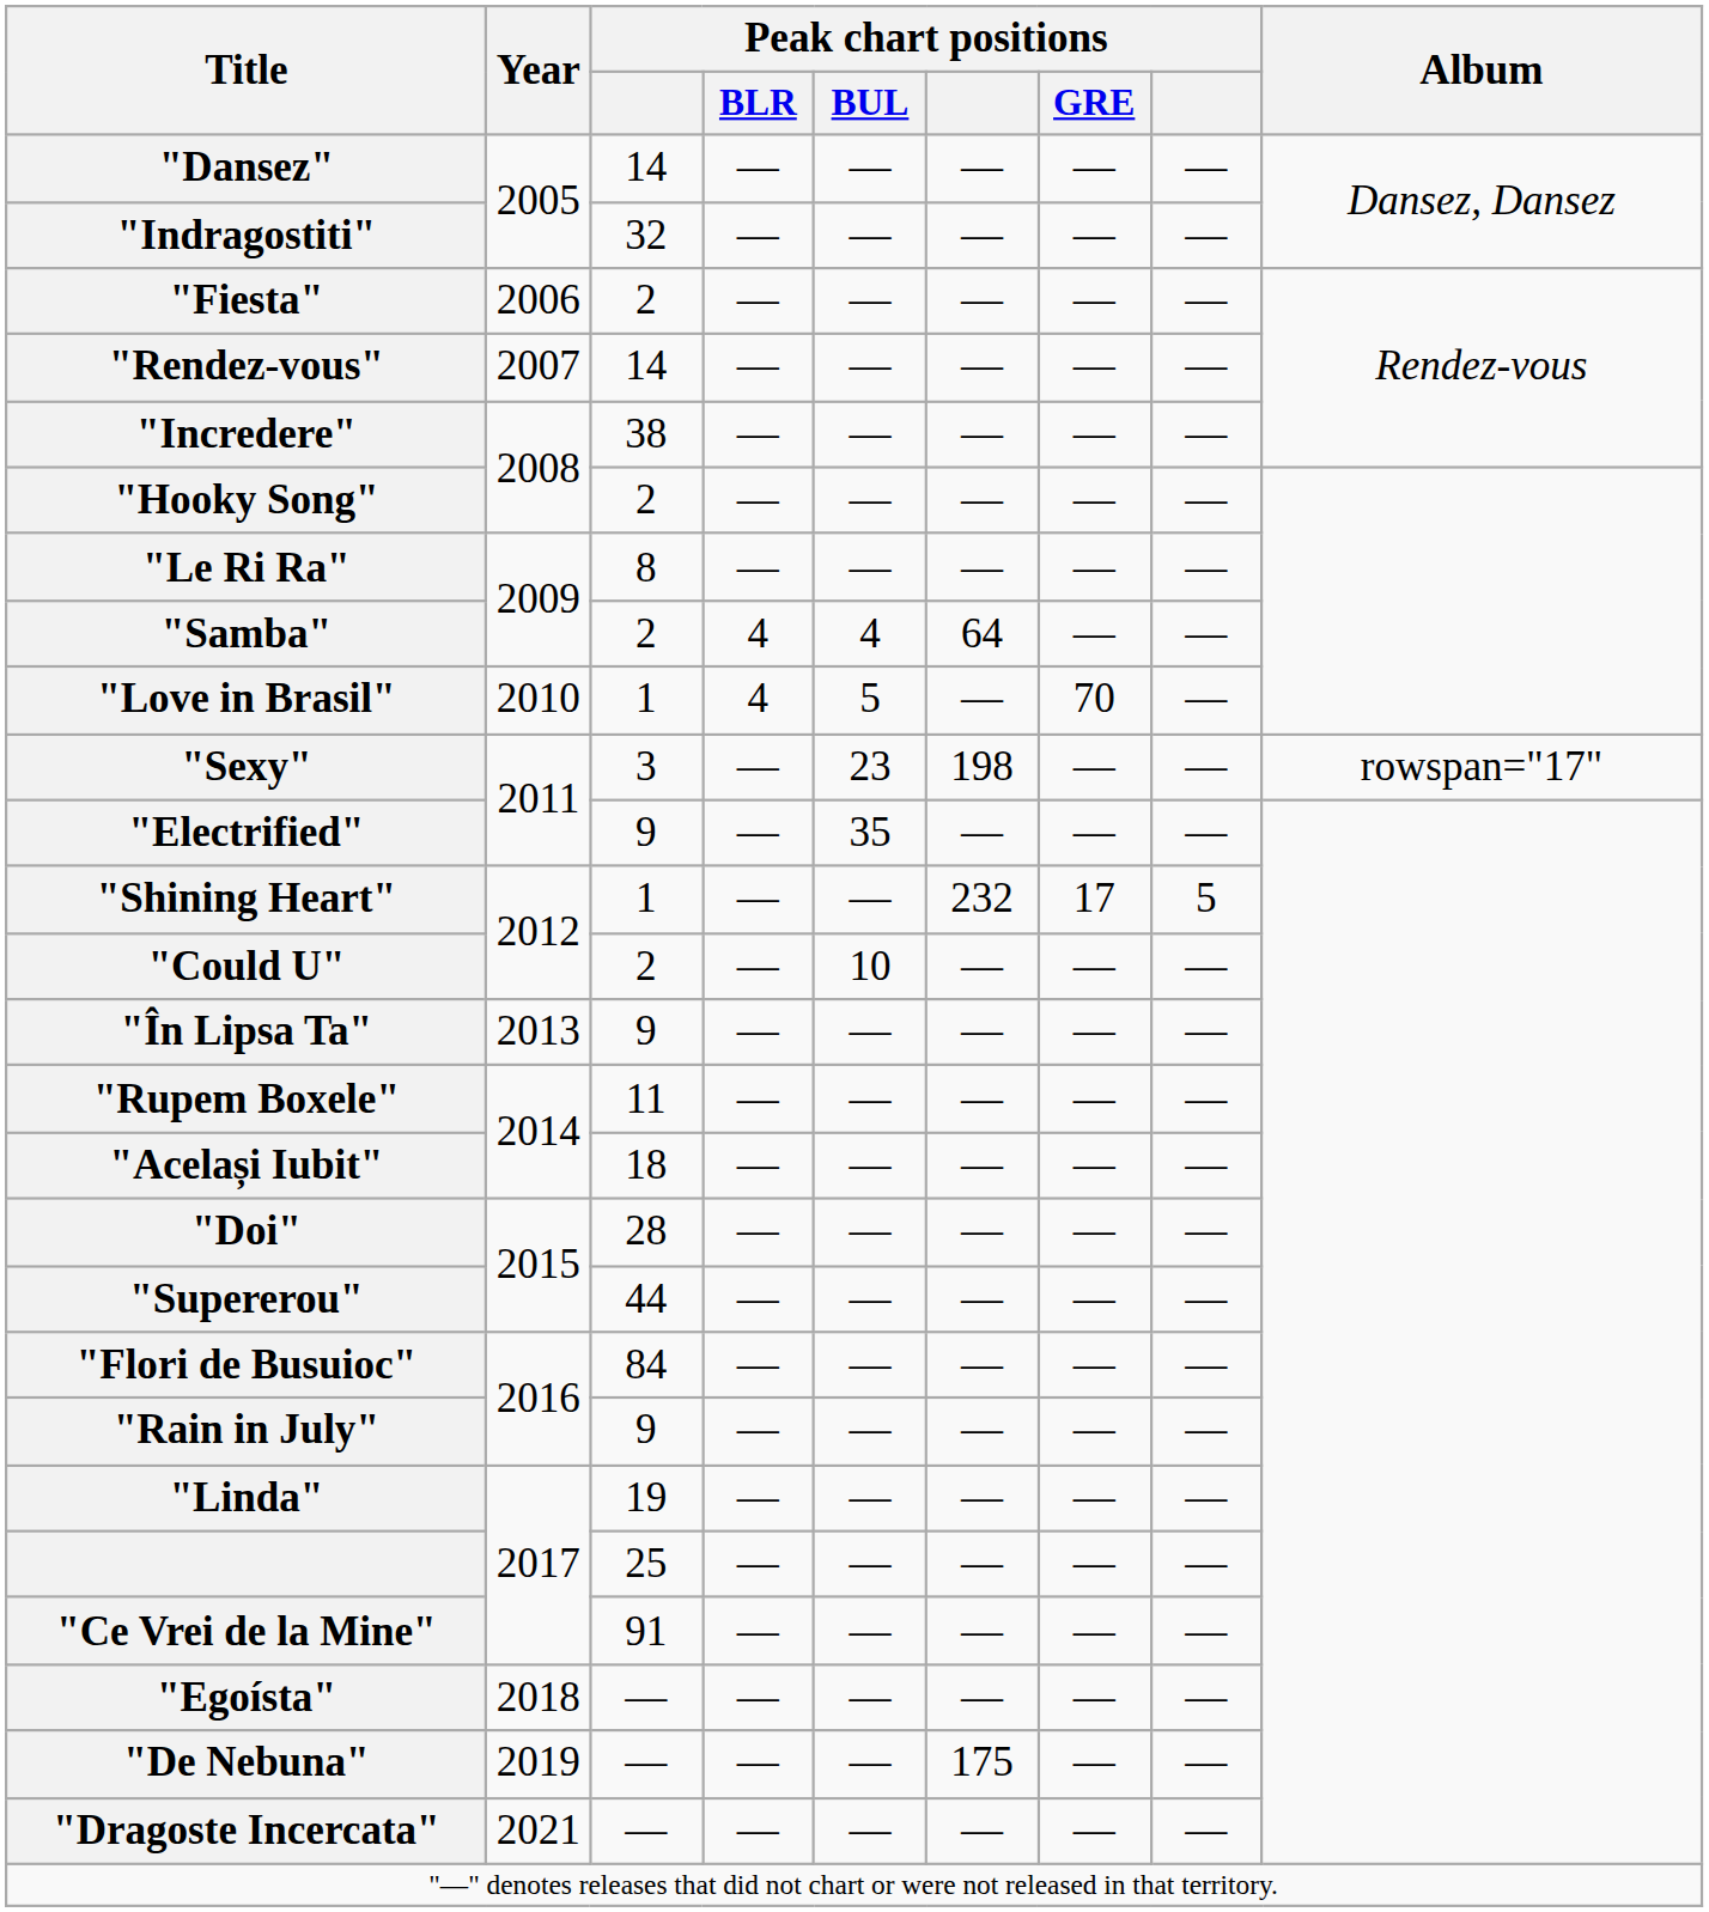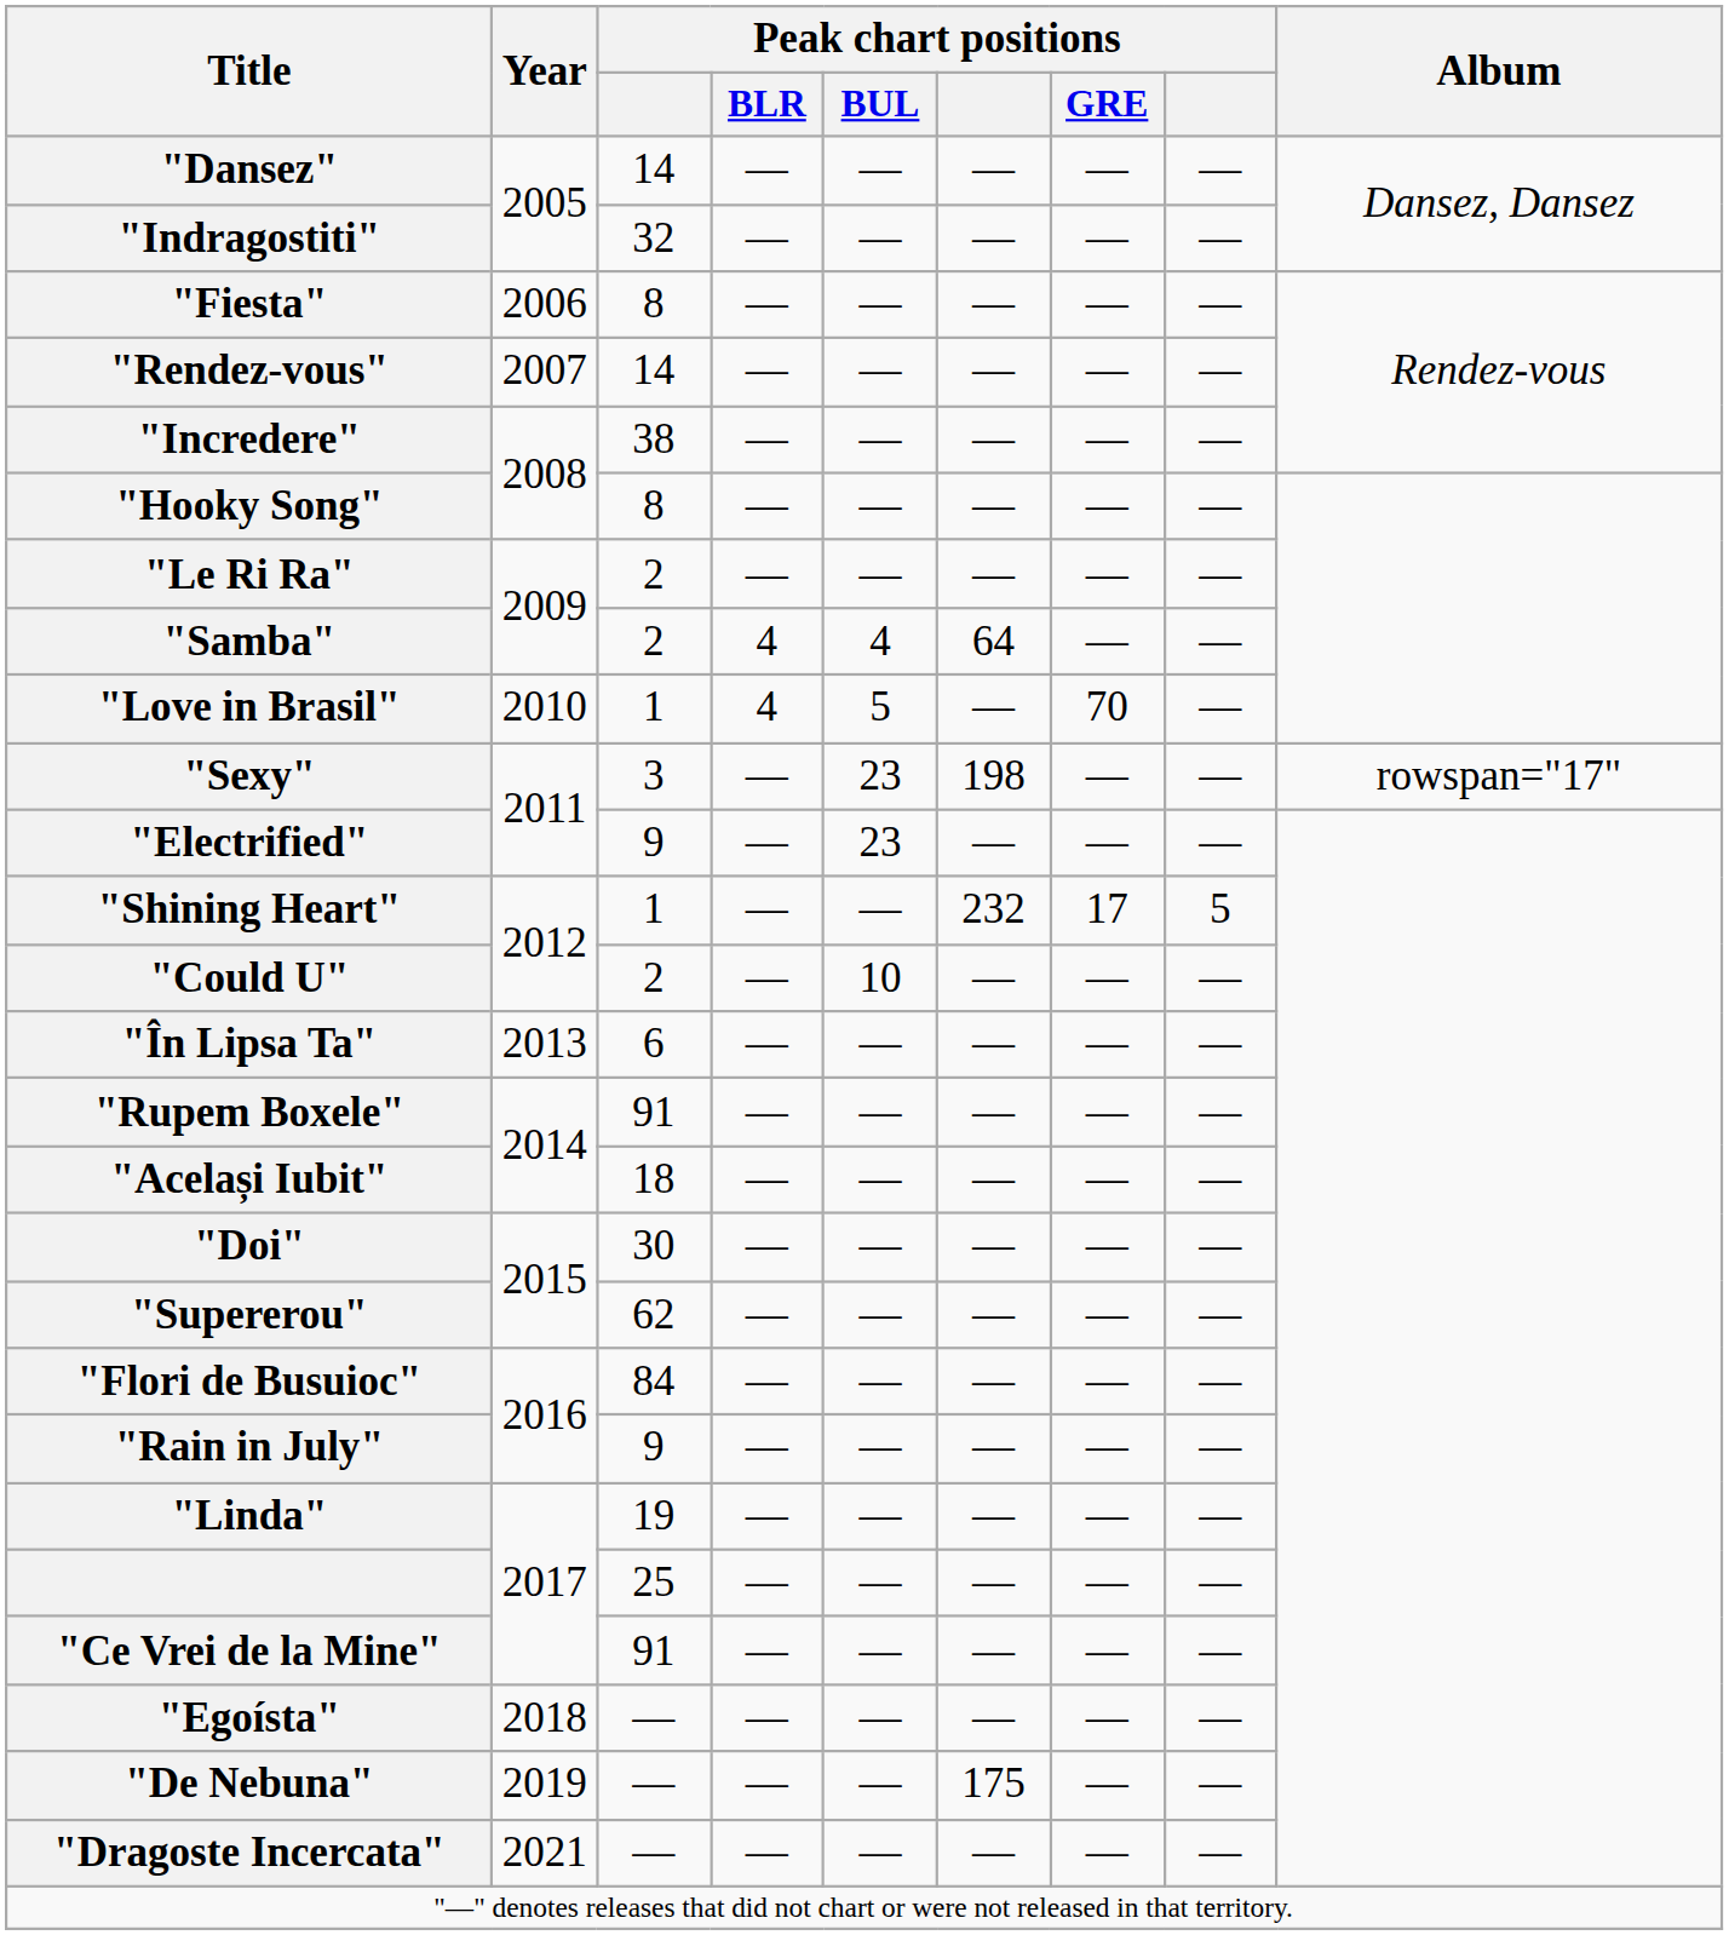 <table class="wikitable plainrowheaders" style="text-align:center;">
 <tr>
 <th scope="col" rowspan="2" style="width:11em;">Title</th>
 <th scope="col" rowspan="2">Year</th>
 <th scope="col" colspan="6">Peak chart positions</th>
 <th scope="col" rowspan="2" style="width:10em;">Album</th>
 </tr>
 <tr>
 <th scope="col" style="width:2.5em;font-size:90%;"><a href='#'></a><br></th>
 <th scope="col" style="width:2.5em;font-size:90%;"><a href='#'>BLR</a><br></th>
 <th scope="col" style="width:2.5em;font-size:90%;"><a href='#'>BUL</a><br></th>
 <th scope="col" style="width:2.5em;font-size:90%;"><a href='#'></a><br></th>
 <th scope="col" style="width:2.5em;font-size:90%;"><a href='#'>GRE</a><br></th>
 <th scope="col" style="width:2.5em;font-size:90%;"><a href='#'></a><br></th>
 </tr>
 <tr>
 <th scope="row">"Dansez"<br></th>
 <td rowspan="2">2005</td>
 <td>14</td>
 <td>—</td>
 <td>—</td>
 <td>—</td>
 <td>—</td>
 <td>—</td>
 <td rowspan="2"><em>Dansez, Dansez</em></td>
 </tr>
 <tr>
 <th scope="row">"Indragostiti"</th>
 <td>32</td>
 <td>—</td>
 <td>—</td>
 <td>—</td>
 <td>—</td>
 <td>—</td>
 </tr>
 <tr>
 <th scope="row">"Fiesta"</th>
 <td>2006</td>
-<td>2</td>
+<td>8</td>
 <td>—</td>
 <td>—</td>
 <td>—</td>
 <td>—</td>
 <td>—</td>
 <td rowspan="3"><em>Rendez-vous</em></td>
 </tr>
 <tr>
 <th scope="row">"Rendez-vous"</th>
 <td>2007</td>
 <td>14</td>
 <td>—</td>
 <td>—</td>
 <td>—</td>
 <td>—</td>
 <td>—</td>
 </tr>
 <tr>
 <th scope="row">"Incredere"</th>
 <td rowspan="2">2008</td>
 <td>38</td>
 <td>—</td>
 <td>—</td>
 <td>—</td>
 <td>—</td>
 <td>—</td>
 </tr>
 <tr>
 <th scope="row">"Hooky Song"<br></th>
-<td>2</td>
+<td>8</td>
 <td>—</td>
 <td>—</td>
 <td>—</td>
 <td>—</td>
 <td>—</td>
 <td rowspan="4"></td>
 </tr>
 <tr>
 <th scope="row">"Le Ri Ra"</th>
 <td rowspan="2">2009</td>
-<td>8</td>
+<td>2</td>
 <td>—</td>
 <td>—</td>
 <td>—</td>
 <td>—</td>
 <td>—</td>
 </tr>
 <tr>
 <th scope="row">"Samba"<br></th>
 <td>2</td>
 <td>4</td>
 <td>4</td>
 <td>64</td>
 <td>—</td>
 <td>—</td>
 </tr>
 <tr>
 <th scope="row">"Love in Brasil"</th>
 <td>2010</td>
 <td>1</td>
 <td>4</td>
 <td>5</td>
 <td>—</td>
 <td>70</td>
 <td>—</td>
 </tr>
 <tr>
 <th scope="row">"Sexy"</th>
 <td rowspan="2">2011</td>
 <td>3</td>
 <td>—</td>
 <td>23</td>
 <td>198</td>
 <td>—</td>
 <td>—</td>
 <td>rowspan="17" </td>
 </tr>
 <tr>
 <th scope="row">"Electrified"</th>
 <td>9</td>
 <td>—</td>
-<td>35</td>
+<td>23</td>
 <td>—</td>
 <td>—</td>
 <td>—</td>
 </tr>
 <tr>
 <th scope="row">"Shining Heart"<br></th>
 <td rowspan="2">2012</td>
 <td>1</td>
 <td>—</td>
 <td>—</td>
 <td>232</td>
 <td>17</td>
 <td>5</td>
 </tr>
 <tr>
 <th scope="row">"Could U"</th>
 <td>2</td>
 <td>—</td>
 <td>10</td>
 <td>—</td>
 <td>—</td>
 <td>—</td>
 </tr>
 <tr>
 <th scope="row">"În Lipsa Ta"<br></th>
 <td>2013</td>
-<td>9</td>
+<td>6</td>
 <td>—</td>
 <td>—</td>
 <td>—</td>
 <td>—</td>
 <td>—</td>
 </tr>
 <tr>
 <th scope="row">"Rupem Boxele"<br></th>
 <td rowspan="2">2014</td>
-<td>11</td>
+<td>91</td>
 <td>—</td>
 <td>—</td>
 <td>—</td>
 <td>—</td>
 <td>—</td>
 </tr>
 <tr>
 <th scope="row">"Același Iubit"</th>
 <td>18</td>
 <td>—</td>
 <td>—</td>
 <td>—</td>
 <td>—</td>
 <td>—</td>
 </tr>
 <tr>
 <th scope="row">"Doi"<br></th>
 <td rowspan="2">2015</td>
-<td>28</td>
+<td>30</td>
 <td>—</td>
 <td>—</td>
 <td>—</td>
 <td>—</td>
 <td>—</td>
 </tr>
 <tr>
 <th scope="row">"Supererou"</th>
-<td>44</td>
+<td>62</td>
 <td>—</td>
 <td>—</td>
 <td>—</td>
 <td>—</td>
 <td>—</td>
 </tr>
 <tr>
 <th scope="row">"Flori de Busuioc"<br></th>
 <td rowspan="2">2016</td>
 <td>84</td>
 <td>—</td>
 <td>—</td>
 <td>—</td>
 <td>—</td>
 <td>—</td>
 </tr>
 <tr>
 <th scope="row">"Rain in July"<br></th>
 <td>9</td>
 <td>—</td>
 <td>—</td>
 <td>—</td>
 <td>—</td>
 <td>—</td>
 </tr>
 <tr>
 <th scope="row">"Linda"<br></th>
 <td rowspan="3">2017</td>
 <td>19</td>
 <td>—</td>
 <td>—</td>
 <td>—</td>
 <td>—</td>
 <td>—</td>
 </tr>
 <tr>
 <th scope="row"><br></th>
 <td>25</td>
 <td>—</td>
 <td>—</td>
 <td>—</td>
 <td>—</td>
 <td>—</td>
 </tr>
 <tr>
 <th scope="row">"Ce Vrei de la Mine"<br></th>
 <td>91</td>
 <td>—</td>
 <td>—</td>
 <td>—</td>
 <td>—</td>
 <td>—</td>
 </tr>
 <tr>
 <th scope="row">"Egoísta"<br></th>
 <td>2018</td>
 <td>—</td>
 <td>—</td>
 <td>—</td>
 <td>—</td>
 <td>—</td>
 <td>—</td>
 </tr>
 <tr>
 <th scope="row">"De Nebuna"</th>
 <td>2019</td>
 <td>—</td>
 <td>—</td>
 <td>—</td>
 <td>175</td>
 <td>—</td>
 <td>—</td>
 </tr>
 <tr>
 <th scope="row">"Dragoste Incercata"<br></th>
 <td>2021</td>
 <td>—</td>
 <td>—</td>
 <td>—</td>
 <td>—</td>
 <td>—</td>
 <td>—</td>
 </tr>
 <tr>
 <td align="center" colspan="15" style="font-size:8pt">"—" denotes releases that did not chart or were not released in that territory.</td>
 </tr>
 </table>
